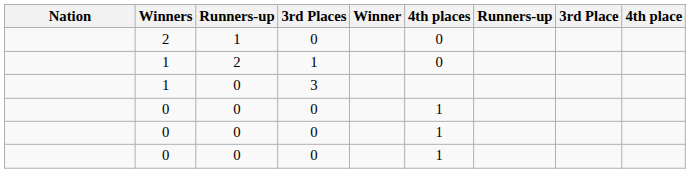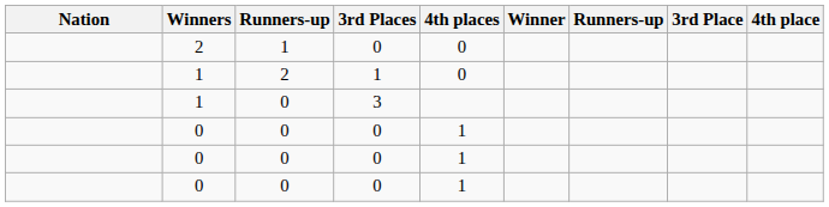 <table class="wikitable sortable">
 <tr>
 <th width=135>Nation</th>
 <th>Winners</th>
 <th>Runners-up</th>
 <th>3rd Places</th>
+<th>4th places</th>
 <th>Winner</th>
-<th>4th places</th>
 <th>Runners-up</th>
 <th>3rd Place</th>
 <th>4th place</th>
 </tr>
 <tr>
 <td></td>
 <td align=center>2</td>
 <td align=center>1</td>
 <td align=center>0</td>
+<td align=center>0</td>
 <td></td>
-<td align=center>0</td>
 <td></td>
 <td></td>
 <td></td>
 </tr>
 <tr>
 <td></td>
 <td align=center>1</td>
 <td align=center>2</td>
 <td align=center>1</td>
+<td align=center>0</td>
 <td></td>
-<td align=center>0</td>
 <td></td>
 <td></td>
 <td></td>
 </tr>
 <tr>
 <td></td>
 <td align=center>1</td>
 <td align=center>0</td>
 <td align=center>3</td>
+<td align=center></td>
 <td></td>
-<td align=center></td>
 <td></td>
 <td></td>
 <td></td>
 </tr>
 <tr>
 <td></td>
 <td align=center>0</td>
 <td align=center>0</td>
 <td align=center>0</td>
+<td align=center>1</td>
 <td></td>
-<td align=center>1</td>
 <td></td>
 <td></td>
 <td></td>
 </tr>
 <tr>
 <td></td>
 <td align=center>0</td>
 <td align=center>0</td>
 <td align=center>0</td>
+<td align=center>1</td>
 <td></td>
-<td align=center>1</td>
 <td></td>
 <td></td>
 <td></td>
 </tr>
 <tr>
 <td></td>
 <td align=center>0</td>
 <td align=center>0</td>
 <td align=center>0</td>
+<td align=center>1</td>
 <td></td>
-<td align=center>1</td>
 <td></td>
 <td></td>
 <td></td>
 </tr>
 </table>
